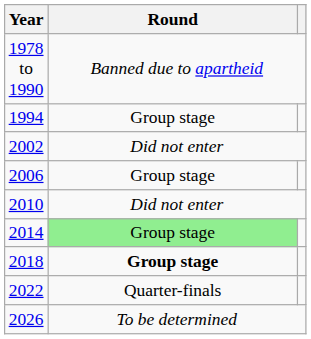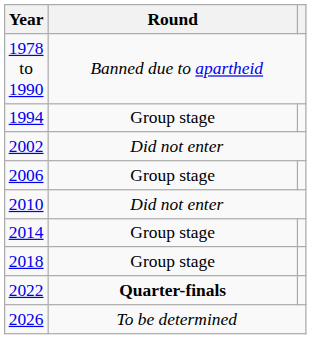 <table class="wikitable" style="text-align: center; font-size:90%">
 <tr>
 <th>Year</th>
 <th style="width:200px">Round</th>
 <th></th>
 </tr>
 <tr>
 <td><a href='#'>1978</a><br>to<br><a href='#'>1990</a></td>
 <td colspan="2"><em>Banned due to <a href='#'>apartheid</a></em></td>
 </tr>
 <tr>
 <td><a href='#'>1994</a></td>
 <td>Group stage</td>
 <td></td>
 </tr>
 <tr>
 <td><a href='#'>2002</a></td>
 <td colspan="2"><em>Did not enter</em></td>
 </tr>
 <tr>
 <td><a href='#'>2006</a></td>
 <td>Group stage</td>
 <td></td>
 </tr>
 <tr>
 <td><a href='#'>2010</a></td>
 <td colspan="2"><em>Did not enter</em></td>
 </tr>
 <tr>
 <td><a href='#'>2014</a></td>
-<td style="background: lightgreen;">Group stage</td>
+<td>Group stage</td>
 <td></td>
 </tr>
 <tr>
 <td><a href='#'>2018</a></td>
-<td><strong>Group stage</strong></td>
+<td>Group stage</td>
 <td></td>
 </tr>
 <tr>
 <td><a href='#'>2022</a></td>
-<td>Quarter-finals</td>
+<td><strong>Quarter-finals</strong></td>
 <td></td>
 </tr>
 <tr>
 <td><a href='#'>2026</a></td>
 <td colspan="2"><em>To be determined</em></td>
 </tr>
 </table>
